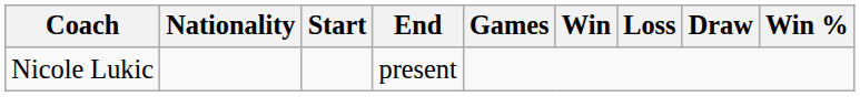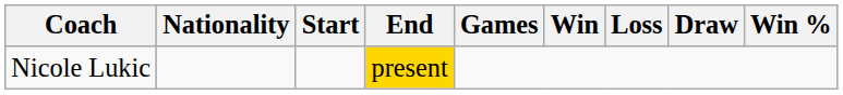 <table class="wikitable" style="text-align:center; margin-left: lem;">
 <tr>
 <th>Coach</th>
 <th>Nationality</th>
 <th>Start</th>
 <th>End</th>
 <th>Games</th>
 <th><strong>Win</strong></th>
 <th>Loss</th>
 <th>Draw</th>
 <th>Win %</th>
 </tr>
 <tr>
 <td>Nicole Lukic</td>
 <td></td>
 <td></td>
-<td>present<br></td>
+<td style="background: gold;">present<br></td>
 </tr>
 </table>
